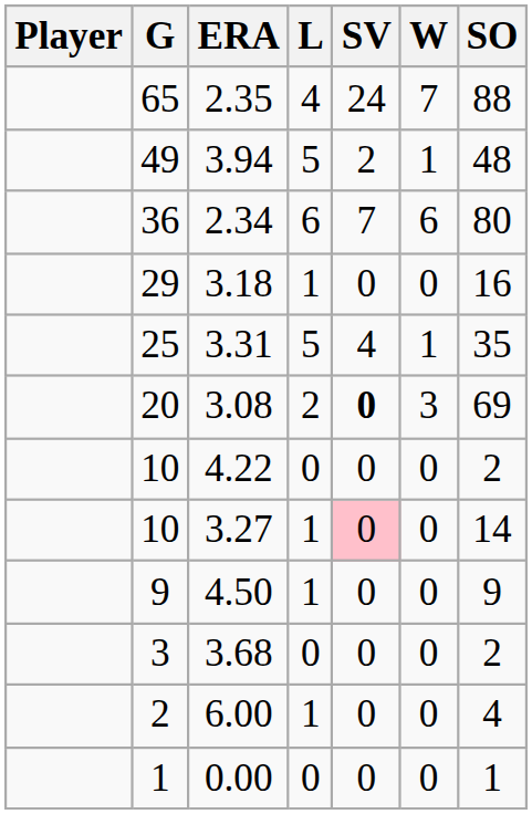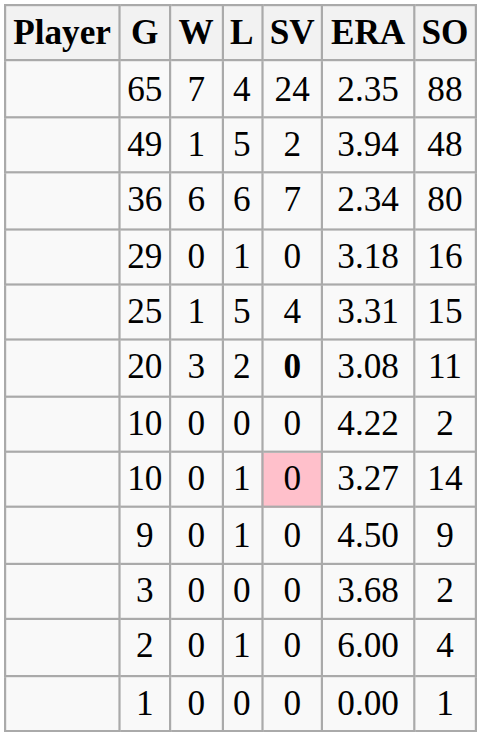 <table class="wikitable sortable">
 <tr>
 <th>Player</th>
 <th>G</th>
-<th>ERA</th>
+<th>W</th>
 <th>L</th>
 <th>SV</th>
-<th>W</th>
+<th>ERA</th>
 <th>SO</th>
 </tr>
 <tr align="center">
 <td></td>
 <td>65</td>
-<td>2.35</td>
+<td>7</td>
 <td>4</td>
 <td>24</td>
-<td>7</td>
+<td>2.35</td>
 <td>88</td>
 </tr>
 <tr align="center">
 <td></td>
 <td>49</td>
-<td>3.94</td>
+<td>1</td>
 <td>5</td>
 <td>2</td>
-<td>1</td>
+<td>3.94</td>
 <td>48</td>
 </tr>
 <tr align="center">
 <td></td>
 <td>36</td>
-<td>2.34</td>
+<td>6</td>
 <td>6</td>
 <td>7</td>
-<td>6</td>
+<td>2.34</td>
 <td>80</td>
 </tr>
 <tr align="center">
 <td></td>
 <td>29</td>
-<td>3.18</td>
+<td>0</td>
 <td>1</td>
 <td>0</td>
-<td>0</td>
+<td>3.18</td>
 <td>16</td>
 </tr>
 <tr align="center">
 <td></td>
 <td>25</td>
-<td>3.31</td>
+<td>1</td>
 <td>5</td>
 <td>4</td>
-<td>1</td>
-<td>35</td>
+<td>3.31</td>
+<td>15</td>
 </tr>
 <tr align="center">
 <td></td>
 <td>20</td>
-<td>3.08</td>
+<td>3</td>
 <td>2</td>
 <td><strong>0</strong></td>
-<td>3</td>
-<td>69</td>
+<td>3.08</td>
+<td>11</td>
 </tr>
 <tr align="center">
 <td></td>
 <td>10</td>
-<td>4.22</td>
 <td>0</td>
 <td>0</td>
 <td>0</td>
+<td>4.22</td>
 <td>2</td>
 </tr>
 <tr align="center">
 <td></td>
 <td>10</td>
-<td>3.27</td>
+<td>0</td>
 <td>1</td>
 <td style="background: pink;">0</td>
-<td>0</td>
+<td>3.27</td>
 <td>14</td>
 </tr>
 <tr align="center">
 <td></td>
 <td>9</td>
-<td>4.50</td>
+<td>0</td>
 <td>1</td>
 <td>0</td>
-<td>0</td>
+<td>4.50</td>
 <td>9</td>
 </tr>
 <tr align="center">
 <td></td>
 <td>3</td>
-<td>3.68</td>
 <td>0</td>
 <td>0</td>
 <td>0</td>
+<td>3.68</td>
 <td>2</td>
 </tr>
 <tr align="center">
 <td></td>
 <td>2</td>
-<td>6.00</td>
+<td>0</td>
 <td>1</td>
 <td>0</td>
-<td>0</td>
+<td>6.00</td>
 <td>4</td>
 </tr>
 <tr align="center">
 <td></td>
 <td>1</td>
-<td>0.00</td>
 <td>0</td>
 <td>0</td>
 <td>0</td>
+<td>0.00</td>
 <td>1</td>
 </tr>
 </table>
